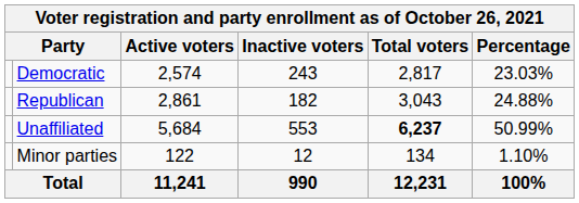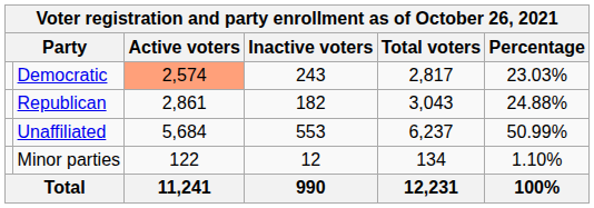 <table class=wikitable>
 <tr>
 <th colspan = 6>Voter registration and party enrollment as of October 26, 2021</th>
 </tr>
 <tr>
 <th colspan = 2>Party</th>
 <th>Active voters</th>
 <th>Inactive voters</th>
 <th>Total voters</th>
 <th>Percentage</th>
 </tr>
 <tr>
 <td></td>
 <td><a href='#'>Democratic</a></td>
-<td align = center>2,574</td>
+<td align = center style="background: lightsalmon;">2,574</td>
 <td align = center>243</td>
 <td align = center>2,817</td>
 <td align = center>23.03%</td>
 </tr>
 <tr>
 <td></td>
 <td><a href='#'>Republican</a></td>
 <td align = center>2,861</td>
 <td align = center>182</td>
 <td align = center>3,043</td>
 <td align = center>24.88%</td>
 </tr>
 <tr>
 <td></td>
 <td><a href='#'>Unaffiliated</a></td>
 <td align = center>5,684</td>
 <td align = center>553</td>
-<td align = center><strong>6,237</strong></td>
+<td align = center>6,237</td>
 <td align = center>50.99%</td>
 </tr>
 <tr>
 <td></td>
 <td>Minor parties</td>
 <td align = center>122</td>
 <td align = center>12</td>
 <td align = center>134</td>
 <td align = center>1.10%</td>
 </tr>
 <tr>
 <th colspan = 2>Total</th>
 <th align = center>11,241</th>
 <th align = center>990</th>
 <th align = center>12,231</th>
 <th align = center>100%</th>
 </tr>
 </table>
